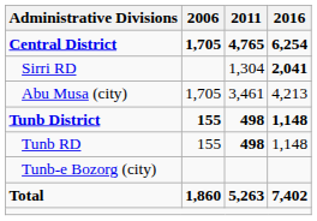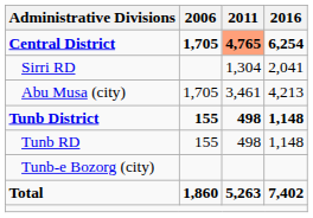 <table class="wikitable">
 <tr>
 <th>Administrative Divisions</th>
 <th>2006</th>
 <th>2011</th>
 <th>2016</th>
 </tr>
 <tr>
 <td><strong><a href='#'>Central District</a></strong></td>
 <td style="text-align: right;"><strong>1,705</strong></td>
-<td style="text-align: right;"><strong>4,765</strong></td>
+<td style="background: lightsalmon; text-align: right;"><strong>4,765</strong></td>
 <td style="text-align: right;"><strong>6,254</strong></td>
 </tr>
 <tr>
 <td style="padding-left: 1em;"><a href='#'>Sirri RD</a></td>
 <td style="text-align: right;"></td>
 <td style="text-align: right;">1,304</td>
-<td style="text-align: right;"><strong>2,041</strong></td>
+<td style="text-align: right;">2,041</td>
 </tr>
 <tr>
 <td style="padding-left: 1em;"><a href='#'>Abu Musa</a> (city)</td>
 <td style="text-align: right;">1,705</td>
 <td style="text-align: right;">3,461</td>
 <td style="text-align: right;">4,213</td>
 </tr>
 <tr>
 <td><strong><a href='#'>Tunb District</a></strong></td>
 <td style="text-align: right;"><strong>155</strong></td>
 <td style="text-align: right;"><strong>498</strong></td>
 <td style="text-align: right;"><strong>1,148</strong></td>
 </tr>
 <tr>
 <td style="padding-left: 1em;"><a href='#'>Tunb RD</a></td>
 <td style="text-align: right;">155</td>
-<td style="text-align: right;"><strong>498</strong></td>
+<td style="text-align: right;">498</td>
 <td style="text-align: right;">1,148</td>
 </tr>
 <tr>
 <td style="padding-left: 1em;"><a href='#'>Tunb-e Bozorg</a> (city)</td>
 <td style="text-align: right;"></td>
 <td style="text-align: right;"></td>
 <td style="text-align: right;"></td>
 </tr>
 <tr>
 <td><strong>Total</strong></td>
 <td style="text-align: right;"><strong>1,860</strong></td>
 <td style="text-align: right;"><strong>5,263</strong></td>
 <td style="text-align: right;"><strong>7,402</strong></td>
 </tr>
 <tr>
 <td colspan=4></td>
 </tr>
 </table>
